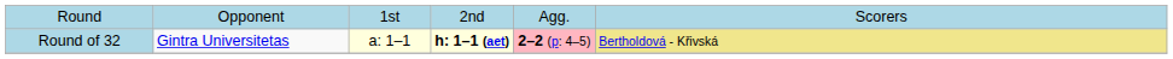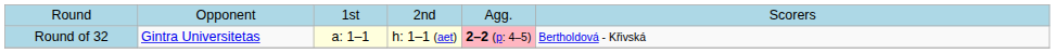 <table class="wikitable" style="text-align:center">
 <tr bgcolor=lightblue>
 <td width=150px>Round</td>
 <td width=200px>Opponent</td>
 <td width=80px>1st</td>
 <td width=80px>2nd</td>
 <td width=80px>Agg.</td>
 <td width=600px>Scorers</td>
 </tr>
 <tr>
 <td bgcolor=lightblue>Round of 32</td>
 <td align=left> <a href='#'>Gintra Universitetas</a></td>
 <td bgcolor="#ffffdd">a: 1–1</td>
-<td bgcolor="#ffffdd"><strong>h: 1–1 <small>(<a href='#'>aet</a>)</small></strong></td>
+<td bgcolor="#ffffdd">h: 1–1 <small>(<a href='#'>aet</a>)</small></td>
 <td bgcolor=lightpink><strong>2–2</strong> <small>(<a href='#'>p</a>: 4–5)</small></td>
-<td align=left style="background: khaki;"><small><a href='#'>Bertholdová</a> - Křivská</small></td>
+<td align=left><small><a href='#'>Bertholdová</a> - Křivská</small></td>
 </tr>
 <tr>
 </tr>
 </table>
